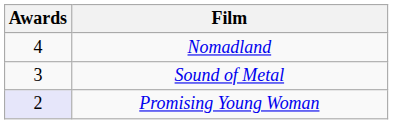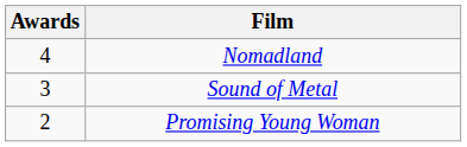 <table class="wikitable" rowspan=2 border=2 style="text-align:center;">
 <tr>
 <th scope="col" width="50">Awards</th>
 <th scope="col" width="275">Film</th>
 </tr>
 <tr>
 <td>4</td>
 <td><em><a href='#'>Nomadland</a></em></td>
 </tr>
 <tr>
 <td>3</td>
 <td><em><a href='#'>Sound of Metal</a></em></td>
 </tr>
 <tr>
-<td style="background: lavender;">2</td>
+<td>2</td>
 <td><em><a href='#'>Promising Young Woman</a></em></td>
 </tr>
 </table>
